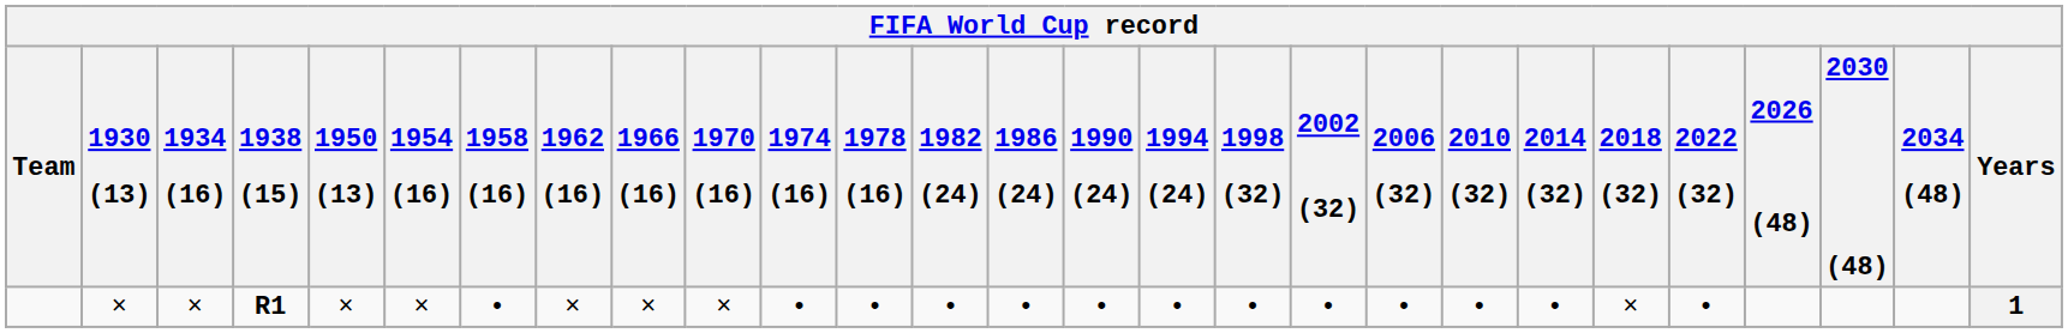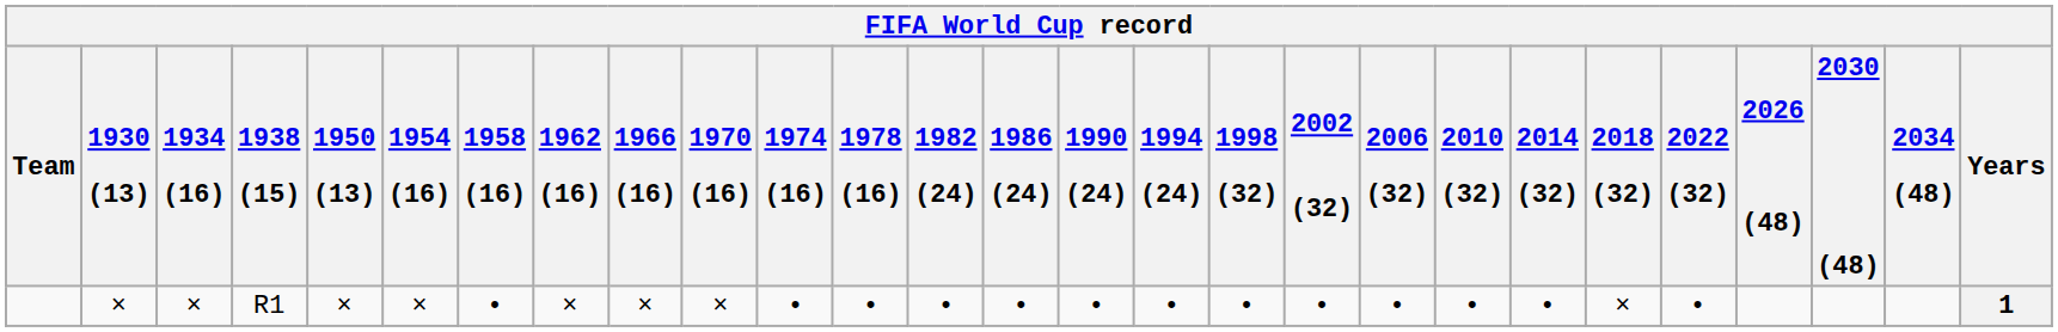 <table class="wikitable" style="text-align:center; font-size:85%;">
 <tr>
 <th colspan=29><a href='#'>FIFA World Cup</a> record</th>
 </tr>
 <tr>
 <th>Team</th>
 <th><a href='#'>1930</a><br><br>(13)</th>
 <th><a href='#'>1934</a><br><br>(16)</th>
 <th><a href='#'>1938</a><br><br>(15)</th>
 <th><a href='#'>1950</a><br><br>(13)</th>
 <th><a href='#'>1954</a><br><br>(16)</th>
 <th><a href='#'>1958</a><br><br>(16)</th>
 <th><a href='#'>1962</a><br><br>(16)</th>
 <th><a href='#'>1966</a><br><br>(16)</th>
 <th><a href='#'>1970</a><br><br>(16)</th>
 <th><a href='#'>1974</a><br><br>(16)</th>
 <th><a href='#'>1978</a><br><br>(16)</th>
 <th><a href='#'>1982</a><br><br>(24)</th>
 <th><a href='#'>1986</a><br><br>(24)</th>
 <th><a href='#'>1990</a><br><br>(24)</th>
 <th><a href='#'>1994</a><br><br>(24)</th>
 <th><a href='#'>1998</a><br><br>(32)</th>
 <th><a href='#'>2002</a><br><br><br>(32)</th>
 <th><a href='#'>2006</a><br><br>(32)</th>
 <th><a href='#'>2010</a><br><br>(32)</th>
 <th><a href='#'>2014</a><br><br>(32)</th>
 <th><a href='#'>2018</a><br><br>(32)</th>
 <th><a href='#'>2022</a><br><br>(32)</th>
 <th><a href='#'>2026</a><br><br><br><br>(48)</th>
 <th><a href='#'>2030</a> <br> <br>  <br> <br> <br>  <br> <br> (48)</th>
 <th><a href='#'>2034</a> <br> <br> (48)</th>
 <th>Years</th>
 </tr>
 <tr>
 <td align=left></td>
 <td>×</td>
 <td>×</td>
-<td><strong>R1</strong></td>
+<td>R1</td>
 <td>×</td>
 <td>×</td>
 <td>•</td>
 <td>×</td>
 <td>×</td>
 <td>×</td>
 <td>•</td>
 <td>•</td>
 <td>•</td>
 <td>•</td>
 <td>•</td>
 <td>•</td>
 <td>•</td>
 <td>•</td>
 <td>•</td>
 <td>•</td>
 <td>•</td>
 <td>×</td>
 <td>•</td>
 <td></td>
 <td></td>
 <td></td>
 <th>1</th>
 </tr>
 </table>
